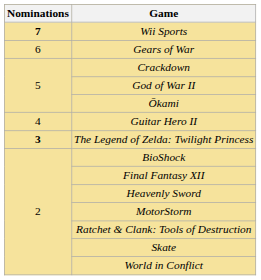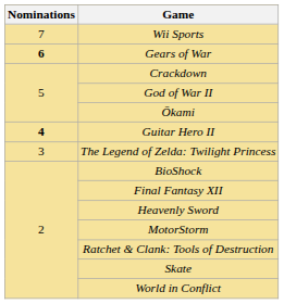 <table class="wikitable" rowspan=2 style="text-align: center; background: #f6e39c">
 <tr>
 <th scope="col" width="55">Nominations</th>
 <th scope="col" align="center">Game</th>
 </tr>
 <tr>
-<td style="text-align:center"><strong>7</strong></td>
+<td style="text-align:center">7</td>
 <td><em>Wii Sports</em></td>
 </tr>
 <tr>
-<td style="text-align:center">6</td>
+<td style="text-align:center"><strong>6</strong></td>
 <td><em>Gears of War</em></td>
 </tr>
 <tr>
 <td rowspan=3 style="text-align:center">5</td>
 <td><em>Crackdown</em></td>
 </tr>
 <tr>
 <td><em>God of War II</em></td>
 </tr>
 <tr>
 <td><em>Ōkami</em></td>
 </tr>
 <tr>
-<td style="text-align:center">4</td>
+<td style="text-align:center"><strong>4</strong></td>
 <td><em>Guitar Hero II</em></td>
 </tr>
 <tr>
-<td style="text-align:center"><strong>3</strong></td>
+<td style="text-align:center">3</td>
 <td><em>The Legend of Zelda: Twilight Princess</em></td>
 </tr>
 <tr>
 <td rowspan=7 style="text-align:center">2</td>
 <td><em>BioShock</em></td>
 </tr>
 <tr>
 <td><em>Final Fantasy XII</em></td>
 </tr>
 <tr>
 <td><em>Heavenly Sword</em></td>
 </tr>
 <tr>
 <td><em>MotorStorm</em></td>
 </tr>
 <tr>
 <td><em>Ratchet & Clank: Tools of Destruction</em></td>
 </tr>
 <tr>
 <td><em>Skate</em></td>
 </tr>
 <tr>
 <td><em>World in Conflict</em></td>
 </tr>
 </table>
